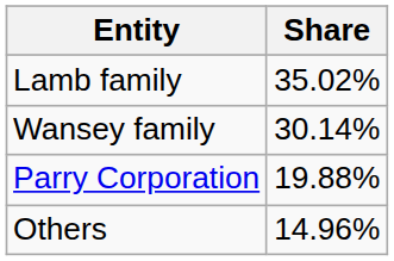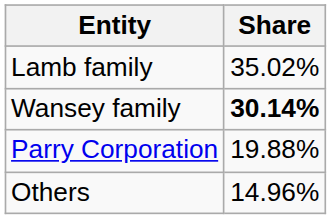 <table class="wikitable sortable plainrowheaders" table align="right">
 <tr>
 <th scope="col">Entity</th>
 <th scope="col">Share</th>
 </tr>
 <tr>
 <td scope="row">Lamb family</td>
 <td>35.02%</td>
 </tr>
 <tr>
 <td scope="row">Wansey family</td>
-<td>30.14%</td>
+<td><strong>30.14%</strong></td>
 </tr>
 <tr>
 <td scope="row"><a href='#'>Parry Corporation</a></td>
 <td>19.88%</td>
 </tr>
 <tr>
 <td scope="row">Others</td>
 <td>14.96%</td>
 </tr>
 </table>
